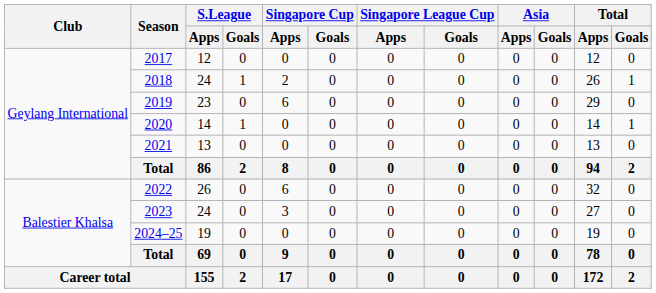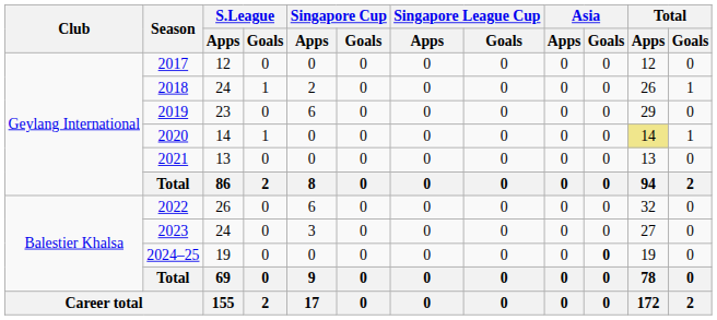 <table style="text-align:center" class="wikitable">
 <tr>
 <th rowspan="2">Club</th>
 <th rowspan="2">Season</th>
 <th colspan="2"><a href='#'>S.League</a></th>
 <th colspan="2"><a href='#'>Singapore Cup</a></th>
 <th colspan="2"><a href='#'>Singapore League Cup</a></th>
 <th colspan="2"><a href='#'>Asia</a></th>
 <th colspan="2">Total</th>
 </tr>
 <tr>
 <th>Apps</th>
 <th>Goals</th>
 <th>Apps</th>
 <th>Goals</th>
 <th>Apps</th>
 <th>Goals</th>
 <th>Apps</th>
 <th>Goals</th>
 <th>Apps</th>
 <th>Goals</th>
 </tr>
 <tr>
 <td rowspan="6"><a href='#'>Geylang International</a></td>
 <td><a href='#'>2017</a></td>
 <td>12</td>
 <td>0</td>
 <td>0</td>
 <td>0</td>
 <td>0</td>
 <td>0</td>
 <td>0</td>
 <td>0</td>
 <td>12</td>
 <td>0</td>
 </tr>
 <tr>
 <td><a href='#'>2018</a></td>
 <td>24</td>
 <td>1</td>
 <td>2</td>
 <td>0</td>
 <td>0</td>
 <td>0</td>
 <td>0</td>
 <td>0</td>
 <td>26</td>
 <td>1</td>
 </tr>
 <tr>
 <td><a href='#'>2019</a></td>
 <td>23</td>
 <td>0</td>
 <td>6</td>
 <td>0</td>
 <td>0</td>
 <td>0</td>
 <td>0</td>
 <td>0</td>
 <td>29</td>
 <td>0</td>
 </tr>
 <tr>
 <td><a href='#'>2020</a></td>
 <td>14</td>
 <td>1</td>
 <td>0</td>
 <td>0</td>
 <td>0</td>
 <td>0</td>
 <td>0</td>
 <td>0</td>
-<td>14</td>
+<td style="background: khaki;">14</td>
 <td>1</td>
 </tr>
 <tr>
 <td><a href='#'>2021</a></td>
 <td>13</td>
 <td>0</td>
 <td>0</td>
 <td>0</td>
 <td>0</td>
 <td>0</td>
 <td>0</td>
 <td>0</td>
 <td>13</td>
 <td>0</td>
 </tr>
 <tr>
 <th>Total</th>
 <th>86</th>
 <th>2</th>
 <th>8</th>
 <th>0</th>
 <th>0</th>
 <th>0</th>
 <th>0</th>
 <th>0</th>
 <th>94</th>
 <th>2</th>
 </tr>
 <tr>
 <td rowspan="4"><a href='#'>Balestier Khalsa</a></td>
 <td><a href='#'>2022</a></td>
 <td>26</td>
 <td>0</td>
 <td>6</td>
 <td>0</td>
 <td>0</td>
 <td>0</td>
 <td>0</td>
 <td>0</td>
 <td>32</td>
 <td>0</td>
 </tr>
 <tr>
 <td><a href='#'>2023</a></td>
 <td>24</td>
 <td>0</td>
 <td>3</td>
 <td>0</td>
 <td>0</td>
 <td>0</td>
 <td>0</td>
 <td>0</td>
 <td>27</td>
 <td>0</td>
 </tr>
 <tr>
 <td><a href='#'>2024–25</a></td>
 <td>19</td>
 <td>0</td>
 <td>0</td>
 <td>0</td>
 <td>0</td>
 <td>0</td>
 <td>0</td>
-<td>0</td>
+<td><strong>0</strong></td>
 <td>19</td>
 <td>0</td>
 </tr>
 <tr>
 <th>Total</th>
 <th>69</th>
 <th>0</th>
 <th>9</th>
 <th>0</th>
 <th>0</th>
 <th>0</th>
 <th>0</th>
 <th>0</th>
 <th>78</th>
 <th>0</th>
 </tr>
 <tr>
 <th colspan=2>Career total</th>
 <th>155</th>
 <th>2</th>
 <th>17</th>
 <th>0</th>
 <th>0</th>
 <th>0</th>
 <th>0</th>
 <th>0</th>
 <th>172</th>
 <th>2</th>
 </tr>
 </table>
